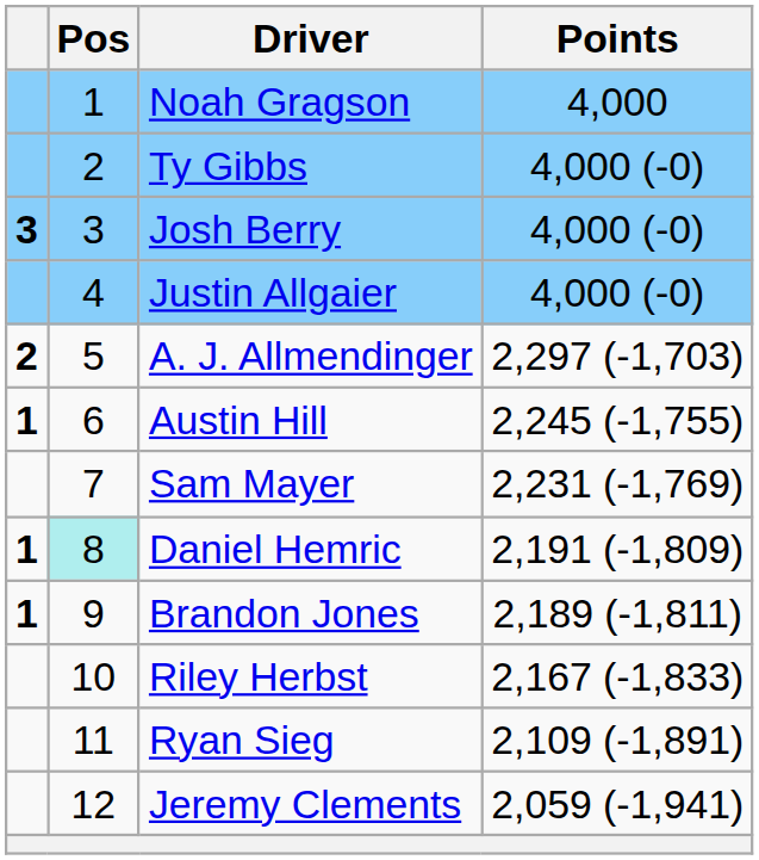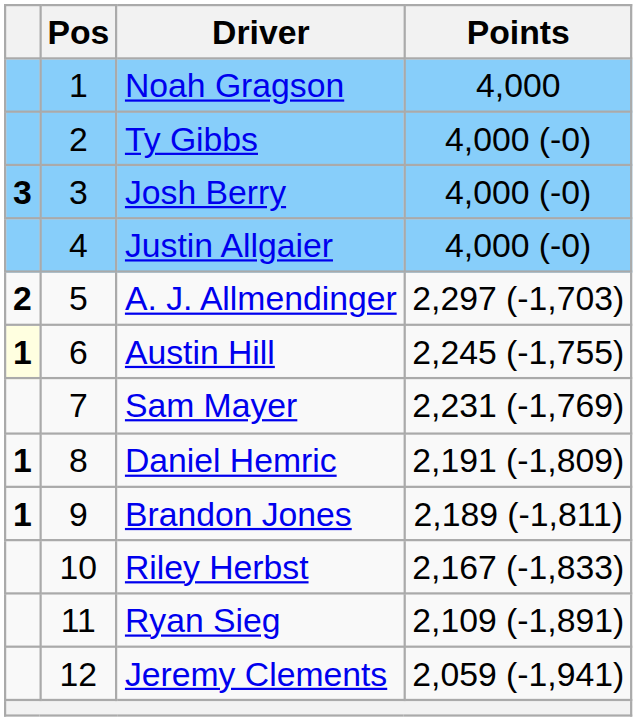 <table class="wikitable" style="font-size: 95%;">
 <tr>
 <th></th>
 <th>Pos</th>
 <th>Driver</th>
 <th>Points</th>
 </tr>
 <tr style="background:#87CEFA;">
 <td align="left"></td>
 <td style="text-align:center;">1</td>
 <td><a href='#'>Noah Gragson</a></td>
 <td style="text-align:center;">4,000</td>
 </tr>
 <tr style="background:#87CEFA;">
 <td align="left"></td>
 <td style="text-align:center;">2</td>
 <td><a href='#'>Ty Gibbs</a></td>
 <td style="text-align:center;">4,000 (-0)</td>
 </tr>
 <tr style="background:#87CEFA;">
 <td align="left"> <strong>3</strong></td>
 <td style="text-align:center;">3</td>
 <td><a href='#'>Josh Berry</a></td>
 <td style="text-align:center;">4,000 (-0)</td>
 </tr>
 <tr style="background:#87CEFA;">
 <td align="left"></td>
 <td style="text-align:center;">4</td>
 <td><a href='#'>Justin Allgaier</a></td>
 <td style="text-align:center;">4,000 (-0)</td>
 </tr>
 <tr>
 <td align="left"> <strong>2</strong></td>
 <td style="text-align:center;">5</td>
 <td><a href='#'>A. J. Allmendinger</a></td>
 <td style="text-align:center;">2,297 (-1,703)</td>
 </tr>
 <tr>
-<td align="left"> <strong>1</strong></td>
+<td align="left" style="background: lightyellow;"> <strong>1</strong></td>
 <td style="text-align:center;">6</td>
 <td><a href='#'>Austin Hill</a></td>
 <td style="text-align:center;">2,245 (-1,755)</td>
 </tr>
 <tr>
 <td align="left"></td>
 <td style="text-align:center;">7</td>
 <td><a href='#'>Sam Mayer</a></td>
 <td style="text-align:center;">2,231 (-1,769)</td>
 </tr>
 <tr>
 <td align="left"> <strong>1</strong></td>
-<td style="background: paleturquoise; text-align:center;">8</td>
+<td style="text-align:center;">8</td>
 <td><a href='#'>Daniel Hemric</a></td>
 <td style="text-align:center;">2,191 (-1,809)</td>
 </tr>
 <tr>
 <td align="left"> <strong>1</strong></td>
 <td style="text-align:center;">9</td>
 <td><a href='#'>Brandon Jones</a></td>
 <td style="text-align:center;">2,189 (-1,811)</td>
 </tr>
 <tr>
 <td align="left"></td>
 <td style="text-align:center;">10</td>
 <td><a href='#'>Riley Herbst</a></td>
 <td style="text-align:center;">2,167 (-1,833)</td>
 </tr>
 <tr>
 <td align="left"></td>
 <td style="text-align:center;">11</td>
 <td><a href='#'>Ryan Sieg</a></td>
 <td style="text-align:center;">2,109 (-1,891)</td>
 </tr>
 <tr>
 <td align="left"></td>
 <td style="text-align:center;">12</td>
 <td><a href='#'>Jeremy Clements</a></td>
 <td style="text-align:center;">2,059 (-1,941)</td>
 </tr>
 <tr class="sortbottom">
 <th colspan="9"></th>
 </tr>
 </table>
